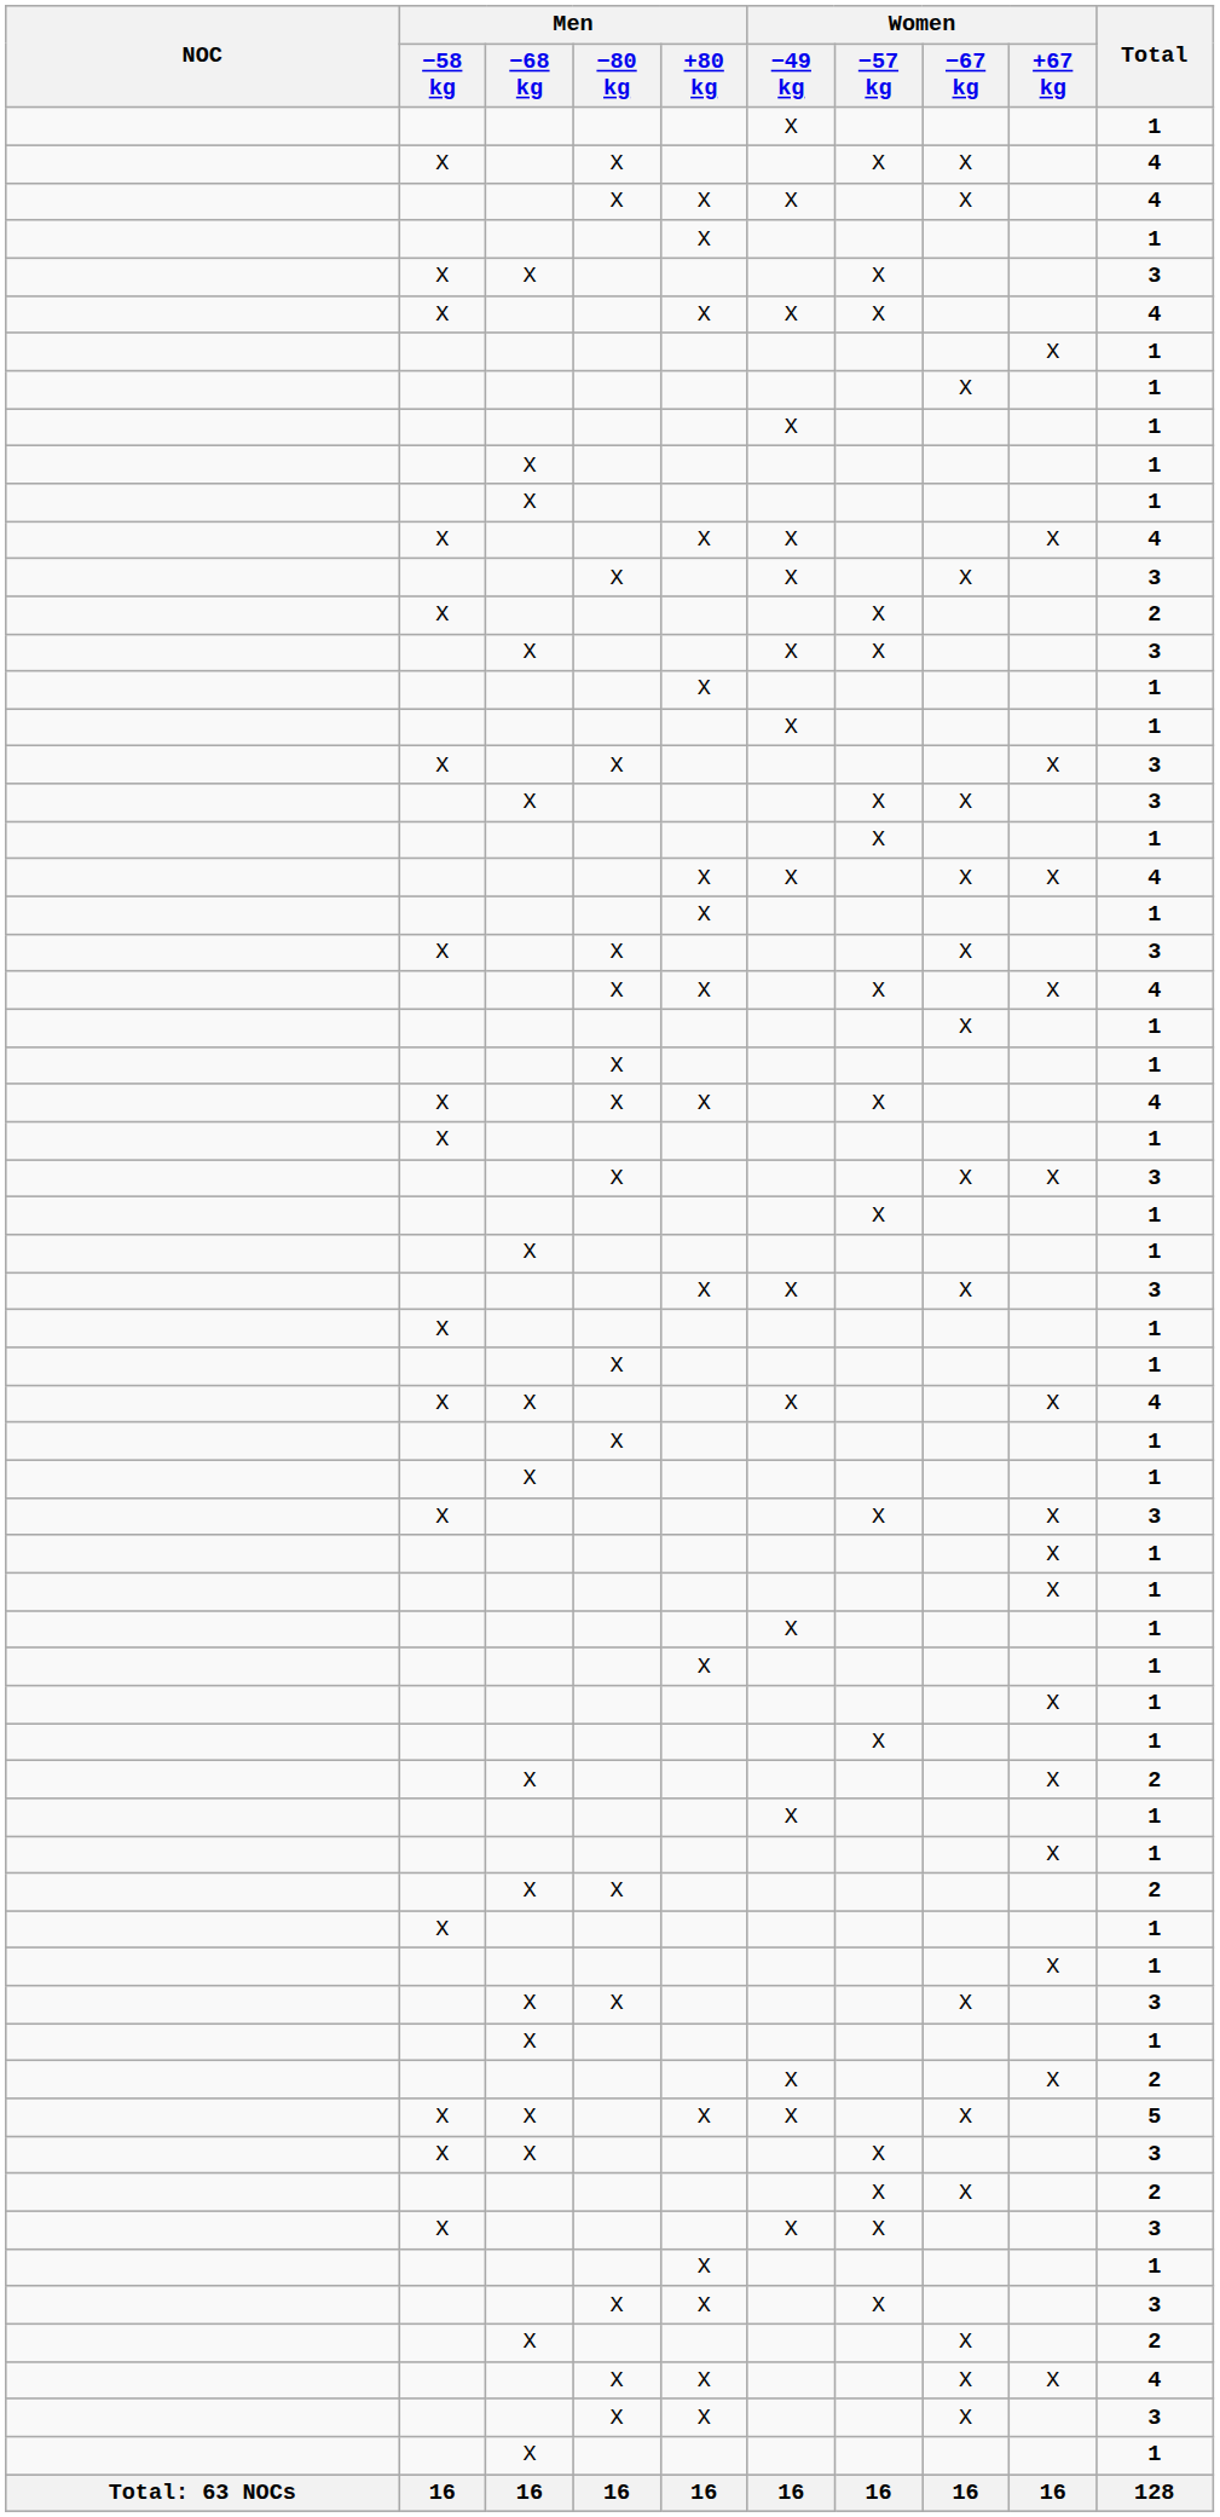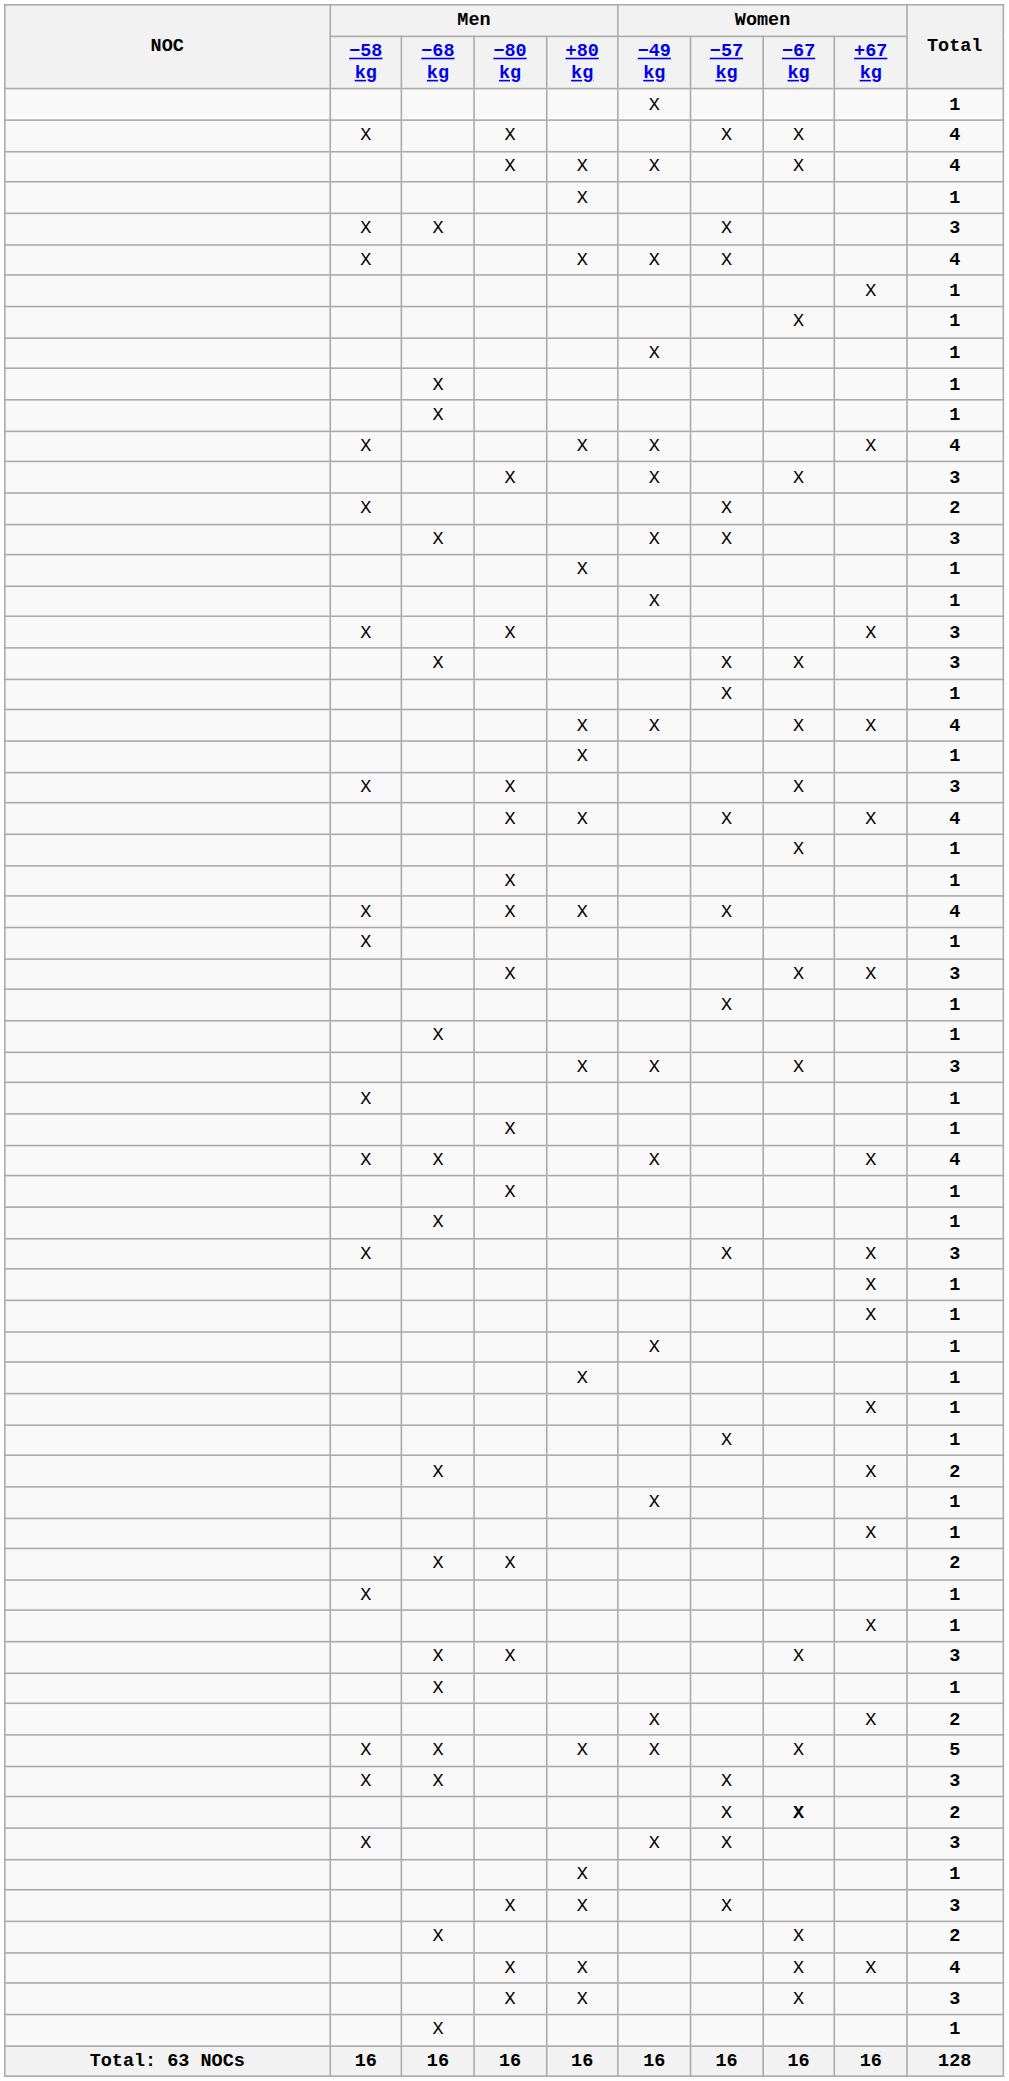 <table class="wikitable" style="text-align:center; font-size:90%">
 <tr>
 <th rowspan="2" width=200 style="text-align:center;">NOC</th>
 <th colspan="4">Men</th>
 <th colspan="4">Women</th>
 <th width=55 rowspan="2">Total</th>
 </tr>
 <tr>
 <th width=40><a href='#'>−58 kg</a></th>
 <th width=40><a href='#'>−68 kg</a></th>
 <th width=40><a href='#'>−80 kg</a></th>
 <th width=40><a href='#'>+80 kg</a></th>
 <th width=40><a href='#'>−49 kg</a></th>
 <th width=40><a href='#'>−57 kg</a></th>
 <th width=40><a href='#'>−67 kg</a></th>
 <th width=40><a href='#'>+67 kg</a></th>
 </tr>
 <tr>
 <td style="text-align:left;"></td>
 <td></td>
 <td></td>
 <td></td>
 <td></td>
 <td>X</td>
 <td></td>
 <td></td>
 <td></td>
 <td><strong>1</strong></td>
 </tr>
 <tr>
 <td style="text-align:left;"></td>
 <td>X</td>
 <td></td>
 <td>X</td>
 <td></td>
 <td></td>
 <td>X</td>
 <td>X</td>
 <td></td>
 <td><strong>4</strong></td>
 </tr>
 <tr>
 <td style="text-align:left;"></td>
 <td></td>
 <td></td>
 <td>X</td>
 <td>X</td>
 <td>X</td>
 <td></td>
 <td>X</td>
 <td></td>
 <td><strong>4</strong></td>
 </tr>
 <tr>
 <td style="text-align:left;"></td>
 <td></td>
 <td></td>
 <td></td>
 <td>X</td>
 <td></td>
 <td></td>
 <td></td>
 <td></td>
 <td><strong>1</strong></td>
 </tr>
 <tr>
 <td style="text-align:left;"></td>
 <td>X</td>
 <td>X</td>
 <td></td>
 <td></td>
 <td></td>
 <td>X</td>
 <td></td>
 <td></td>
 <td><strong>3</strong></td>
 </tr>
 <tr>
 <td style="text-align:left;"></td>
 <td>X</td>
 <td></td>
 <td></td>
 <td>X</td>
 <td>X</td>
 <td>X</td>
 <td></td>
 <td></td>
 <td><strong>4</strong></td>
 </tr>
 <tr>
 <td style="text-align:left;"></td>
 <td></td>
 <td></td>
 <td></td>
 <td></td>
 <td></td>
 <td></td>
 <td></td>
 <td>X</td>
 <td><strong>1</strong></td>
 </tr>
 <tr>
 <td style="text-align:left;"></td>
 <td></td>
 <td></td>
 <td></td>
 <td></td>
 <td></td>
 <td></td>
 <td>X</td>
 <td></td>
 <td><strong>1</strong></td>
 </tr>
 <tr>
 <td style="text-align:left;"></td>
 <td></td>
 <td></td>
 <td></td>
 <td></td>
 <td>X</td>
 <td></td>
 <td></td>
 <td></td>
 <td><strong>1</strong></td>
 </tr>
 <tr>
 <td style="text-align:left;"></td>
 <td></td>
 <td>X</td>
 <td></td>
 <td></td>
 <td></td>
 <td></td>
 <td></td>
 <td></td>
 <td><strong>1</strong></td>
 </tr>
 <tr>
 <td style="text-align:left;"></td>
 <td></td>
 <td>X</td>
 <td></td>
 <td></td>
 <td></td>
 <td></td>
 <td></td>
 <td></td>
 <td><strong>1</strong></td>
 </tr>
 <tr>
 <td style="text-align:left;"></td>
 <td>X</td>
 <td></td>
 <td></td>
 <td>X</td>
 <td>X</td>
 <td></td>
 <td></td>
 <td>X</td>
 <td><strong>4</strong></td>
 </tr>
 <tr>
 <td style="text-align:left;"></td>
 <td></td>
 <td></td>
 <td>X</td>
 <td></td>
 <td>X</td>
 <td></td>
 <td>X</td>
 <td></td>
 <td><strong>3</strong></td>
 </tr>
 <tr>
 <td style="text-align:left;"></td>
 <td>X</td>
 <td></td>
 <td></td>
 <td></td>
 <td></td>
 <td>X</td>
 <td></td>
 <td></td>
 <td><strong>2</strong></td>
 </tr>
 <tr>
 <td style="text-align:left;"></td>
 <td></td>
 <td>X</td>
 <td></td>
 <td></td>
 <td>X</td>
 <td>X</td>
 <td></td>
 <td></td>
 <td><strong>3</strong></td>
 </tr>
 <tr>
 <td style="text-align:left;"></td>
 <td></td>
 <td></td>
 <td></td>
 <td>X</td>
 <td></td>
 <td></td>
 <td></td>
 <td></td>
 <td><strong>1</strong></td>
 </tr>
 <tr>
 <td style="text-align:left;"></td>
 <td></td>
 <td></td>
 <td></td>
 <td></td>
 <td>X</td>
 <td></td>
 <td></td>
 <td></td>
 <td><strong>1</strong></td>
 </tr>
 <tr>
 <td style="text-align:left;"></td>
 <td>X</td>
 <td></td>
 <td>X</td>
 <td></td>
 <td></td>
 <td></td>
 <td></td>
 <td>X</td>
 <td><strong>3</strong></td>
 </tr>
 <tr>
 <td style="text-align:left;"></td>
 <td></td>
 <td>X</td>
 <td></td>
 <td></td>
 <td></td>
 <td>X</td>
 <td>X</td>
 <td></td>
 <td><strong>3</strong></td>
 </tr>
 <tr>
 <td style="text-align:left;"></td>
 <td></td>
 <td></td>
 <td></td>
 <td></td>
 <td></td>
 <td>X</td>
 <td></td>
 <td></td>
 <td><strong>1</strong></td>
 </tr>
 <tr>
 <td style="text-align:left;"></td>
 <td></td>
 <td></td>
 <td></td>
 <td>X</td>
 <td>X</td>
 <td></td>
 <td>X</td>
 <td>X</td>
 <td><strong>4</strong></td>
 </tr>
 <tr>
 <td style="text-align:left;"></td>
 <td></td>
 <td></td>
 <td></td>
 <td>X</td>
 <td></td>
 <td></td>
 <td></td>
 <td></td>
 <td><strong>1</strong></td>
 </tr>
 <tr>
 <td style="text-align:left;"></td>
 <td>X</td>
 <td></td>
 <td>X</td>
 <td></td>
 <td></td>
 <td></td>
 <td>X</td>
 <td></td>
 <td><strong>3</strong></td>
 </tr>
 <tr>
 <td style="text-align:left;"></td>
 <td></td>
 <td></td>
 <td>X</td>
 <td>X</td>
 <td></td>
 <td>X</td>
 <td></td>
 <td>X</td>
 <td><strong>4</strong></td>
 </tr>
 <tr>
 <td style="text-align:left;"></td>
 <td></td>
 <td></td>
 <td></td>
 <td></td>
 <td></td>
 <td></td>
 <td>X</td>
 <td></td>
 <td><strong>1</strong></td>
 </tr>
 <tr>
 <td style="text-align:left;"></td>
 <td></td>
 <td></td>
 <td>X</td>
 <td></td>
 <td></td>
 <td></td>
 <td></td>
 <td></td>
 <td><strong>1</strong></td>
 </tr>
 <tr>
 <td style="text-align:left;"></td>
 <td>X</td>
 <td></td>
 <td>X</td>
 <td>X</td>
 <td></td>
 <td>X</td>
 <td></td>
 <td></td>
 <td><strong>4</strong></td>
 </tr>
 <tr>
 <td style="text-align:left;"></td>
 <td>X</td>
 <td></td>
 <td></td>
 <td></td>
 <td></td>
 <td></td>
 <td></td>
 <td></td>
 <td><strong>1</strong></td>
 </tr>
 <tr>
 <td style="text-align:left;"></td>
 <td></td>
 <td></td>
 <td>X</td>
 <td></td>
 <td></td>
 <td></td>
 <td>X</td>
 <td>X</td>
 <td><strong>3</strong></td>
 </tr>
 <tr>
 <td style="text-align:left;"></td>
 <td></td>
 <td></td>
 <td></td>
 <td></td>
 <td></td>
 <td>X</td>
 <td></td>
 <td></td>
 <td><strong>1</strong></td>
 </tr>
 <tr>
 <td style="text-align:left;"></td>
 <td></td>
 <td>X</td>
 <td></td>
 <td></td>
 <td></td>
 <td></td>
 <td></td>
 <td></td>
 <td><strong>1</strong></td>
 </tr>
 <tr>
 <td style="text-align:left;"></td>
 <td></td>
 <td></td>
 <td></td>
 <td>X</td>
 <td>X</td>
 <td></td>
 <td>X</td>
 <td></td>
 <td><strong>3</strong></td>
 </tr>
 <tr>
 <td style="text-align:left;"></td>
 <td>X</td>
 <td></td>
 <td></td>
 <td></td>
 <td></td>
 <td></td>
 <td></td>
 <td></td>
 <td><strong>1</strong></td>
 </tr>
 <tr>
 <td style="text-align:left;"></td>
 <td></td>
 <td></td>
 <td>X</td>
 <td></td>
 <td></td>
 <td></td>
 <td></td>
 <td></td>
 <td><strong>1</strong></td>
 </tr>
 <tr>
 <td style="text-align:left;"></td>
 <td>X</td>
 <td>X</td>
 <td></td>
 <td></td>
 <td>X</td>
 <td></td>
 <td></td>
 <td>X</td>
 <td><strong>4</strong></td>
 </tr>
 <tr>
 <td style="text-align:left;"></td>
 <td></td>
 <td></td>
 <td>X</td>
 <td></td>
 <td></td>
 <td></td>
 <td></td>
 <td></td>
 <td><strong>1</strong></td>
 </tr>
 <tr>
 <td style="text-align:left;"></td>
 <td></td>
 <td>X</td>
 <td></td>
 <td></td>
 <td></td>
 <td></td>
 <td></td>
 <td></td>
 <td><strong>1</strong></td>
 </tr>
 <tr>
 <td style="text-align:left;"></td>
 <td>X</td>
 <td></td>
 <td></td>
 <td></td>
 <td></td>
 <td>X</td>
 <td></td>
 <td>X</td>
 <td><strong>3</strong></td>
 </tr>
 <tr>
 <td style="text-align:left;"></td>
 <td></td>
 <td></td>
 <td></td>
 <td></td>
 <td></td>
 <td></td>
 <td></td>
 <td>X</td>
 <td><strong>1</strong></td>
 </tr>
 <tr>
 <td style="text-align:left;"></td>
 <td></td>
 <td></td>
 <td></td>
 <td></td>
 <td></td>
 <td></td>
 <td></td>
 <td>X</td>
 <td><strong>1</strong></td>
 </tr>
 <tr>
 <td style="text-align:left;"></td>
 <td></td>
 <td></td>
 <td></td>
 <td></td>
 <td>X</td>
 <td></td>
 <td></td>
 <td></td>
 <td><strong>1</strong></td>
 </tr>
 <tr>
 <td style="text-align:left;"></td>
 <td></td>
 <td></td>
 <td></td>
 <td>X</td>
 <td></td>
 <td></td>
 <td></td>
 <td></td>
 <td><strong>1</strong></td>
 </tr>
 <tr>
 <td style="text-align:left;"></td>
 <td></td>
 <td></td>
 <td></td>
 <td></td>
 <td></td>
 <td></td>
 <td></td>
 <td>X</td>
 <td><strong>1</strong></td>
 </tr>
 <tr>
 <td style="text-align:left;"></td>
 <td></td>
 <td></td>
 <td></td>
 <td></td>
 <td></td>
 <td>X</td>
 <td></td>
 <td></td>
 <td><strong>1</strong></td>
 </tr>
 <tr>
 <td style="text-align:left;"></td>
 <td></td>
 <td>X</td>
 <td></td>
 <td></td>
 <td></td>
 <td></td>
 <td></td>
 <td>X</td>
 <td><strong>2</strong></td>
 </tr>
 <tr>
 <td style="text-align:left;"></td>
 <td></td>
 <td></td>
 <td></td>
 <td></td>
 <td>X</td>
 <td></td>
 <td></td>
 <td></td>
 <td><strong>1</strong></td>
 </tr>
 <tr>
 <td style="text-align:left;"></td>
 <td></td>
 <td></td>
 <td></td>
 <td></td>
 <td></td>
 <td></td>
 <td></td>
 <td>X</td>
 <td><strong>1</strong></td>
 </tr>
 <tr>
 <td style="text-align:left;"></td>
 <td></td>
 <td>X</td>
 <td>X</td>
 <td></td>
 <td></td>
 <td></td>
 <td></td>
 <td></td>
 <td><strong>2</strong></td>
 </tr>
 <tr>
 <td style="text-align:left;"></td>
 <td>X</td>
 <td></td>
 <td></td>
 <td></td>
 <td></td>
 <td></td>
 <td></td>
 <td></td>
 <td><strong>1</strong></td>
 </tr>
 <tr>
 <td style="text-align:left;"></td>
 <td></td>
 <td></td>
 <td></td>
 <td></td>
 <td></td>
 <td></td>
 <td></td>
 <td>X</td>
 <td><strong>1</strong></td>
 </tr>
 <tr>
 <td style="text-align:left;"></td>
 <td></td>
 <td>X</td>
 <td>X</td>
 <td></td>
 <td></td>
 <td></td>
 <td>X</td>
 <td></td>
 <td><strong>3</strong></td>
 </tr>
 <tr>
 <td style="text-align:left;"></td>
 <td></td>
 <td>X</td>
 <td></td>
 <td></td>
 <td></td>
 <td></td>
 <td></td>
 <td></td>
 <td><strong>1</strong></td>
 </tr>
 <tr>
 <td style="text-align:left;"></td>
 <td></td>
 <td></td>
 <td></td>
 <td></td>
 <td>X</td>
 <td></td>
 <td></td>
 <td>X</td>
 <td><strong>2</strong></td>
 </tr>
 <tr>
 <td style="text-align:left;"></td>
 <td>X</td>
 <td>X</td>
 <td></td>
 <td>X</td>
 <td>X</td>
 <td></td>
 <td>X</td>
 <td></td>
 <td><strong>5</strong></td>
 </tr>
 <tr>
 <td style="text-align:left;"></td>
 <td>X</td>
 <td>X</td>
 <td></td>
 <td></td>
 <td></td>
 <td>X</td>
 <td></td>
 <td></td>
 <td><strong>3</strong></td>
 </tr>
 <tr>
 <td style="text-align:left;"></td>
 <td></td>
 <td></td>
 <td></td>
 <td></td>
 <td></td>
 <td>X</td>
-<td>X</td>
+<td><strong>X</strong></td>
 <td></td>
 <td><strong>2</strong></td>
 </tr>
 <tr>
 <td style="text-align:left;"></td>
 <td>X</td>
 <td></td>
 <td></td>
 <td></td>
 <td>X</td>
 <td>X</td>
 <td></td>
 <td></td>
 <td><strong>3</strong></td>
 </tr>
 <tr>
 <td style="text-align:left;"></td>
 <td></td>
 <td></td>
 <td></td>
 <td>X</td>
 <td></td>
 <td></td>
 <td></td>
 <td></td>
 <td><strong>1</strong></td>
 </tr>
 <tr>
 <td style="text-align:left;"></td>
 <td></td>
 <td></td>
 <td>X</td>
 <td>X</td>
 <td></td>
 <td>X</td>
 <td></td>
 <td></td>
 <td><strong>3</strong></td>
 </tr>
 <tr>
 <td style="text-align:left;"></td>
 <td></td>
 <td>X</td>
 <td></td>
 <td></td>
 <td></td>
 <td></td>
 <td>X</td>
 <td></td>
 <td><strong>2</strong></td>
 </tr>
 <tr>
 <td style="text-align:left;"></td>
 <td></td>
 <td></td>
 <td>X</td>
 <td>X</td>
 <td></td>
 <td></td>
 <td>X</td>
 <td>X</td>
 <td><strong>4</strong></td>
 </tr>
 <tr>
 <td style="text-align:left;"></td>
 <td></td>
 <td></td>
 <td>X</td>
 <td>X</td>
 <td></td>
 <td></td>
 <td>X</td>
 <td></td>
 <td><strong>3</strong></td>
 </tr>
 <tr>
 <td style="text-align:left;"></td>
 <td></td>
 <td>X</td>
 <td></td>
 <td></td>
 <td></td>
 <td></td>
 <td></td>
 <td></td>
 <td><strong>1</strong></td>
 </tr>
 <tr>
 <th>Total: 63 NOCs</th>
 <th>16</th>
 <th>16</th>
 <th>16</th>
 <th>16</th>
 <th>16</th>
 <th>16</th>
 <th>16</th>
 <th>16</th>
 <th>128</th>
 </tr>
 </table>
